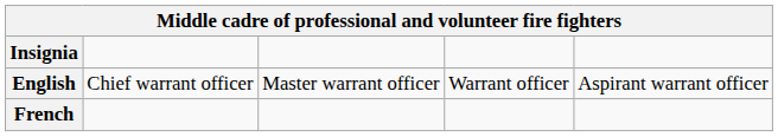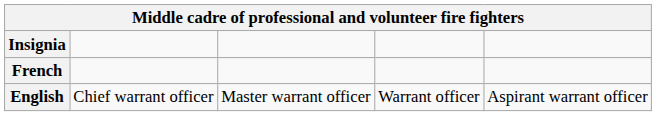 <table class="wikitable">
 <tr>
 <th colspan="5">Middle cadre of professional and volunteer fire fighters<br></th>
 </tr>
 <tr style="text-align:center;">
 <th>Insignia</th>
 <td></td>
 <td></td>
 <td></td>
 <td></td>
 </tr>
 <tr style="text-align:center;">
+<th>French</th>
+<td></td>
+<td></td>
+<td></td>
+<td></td>
+</tr>
+<tr style="text-align:center;">
 <th>English</th>
 <td>Chief warrant officer</td>
 <td>Master warrant officer</td>
 <td>Warrant officer</td>
 <td>Aspirant warrant officer</td>
 </tr>
-<tr style="text-align:center;">
-<th>French</th>
-<td></td>
-<td></td>
-<td></td>
-<td></td>
-</tr>
 </table>
